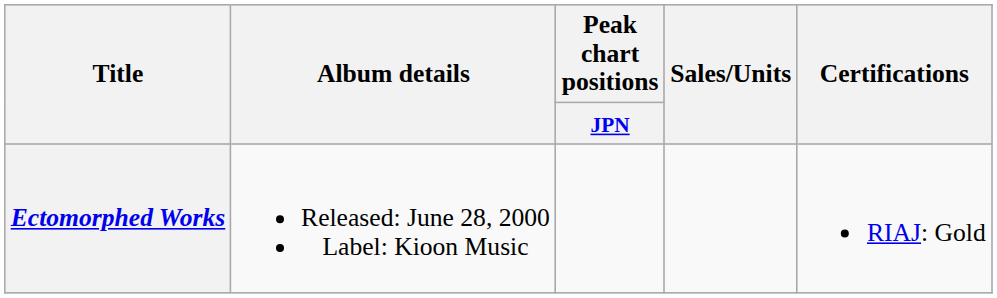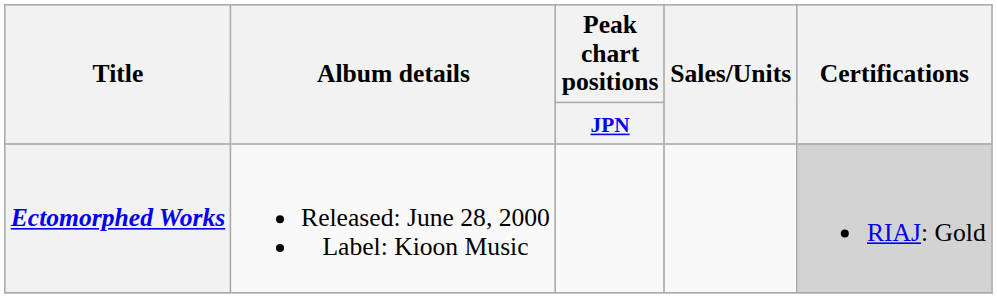 <table class="wikitable plainrowheaders" style="text-align:center;">
 <tr>
 <th rowspan="2" scope="col">Title</th>
 <th rowspan="2" scope="col">Album details</th>
 <th colspan="1">Peak chart positions</th>
 <th rowspan="2" scope="col">Sales/Units</th>
 <th rowspan="2">Certifications</th>
 </tr>
 <tr>
 <th style="width:3em;"><small><a href='#'>JPN</a></small><br></th>
 </tr>
 <tr>
 <th scope="row"><em><a href='#'>Ectomorphed Works</a></em></th>
 <td><br><ul><li>Released: June 28, 2000</li><li>Label: Kioon Music</li></ul></td>
 <td></td>
 <td></td>
-<td><br><ul><li><a href='#'>RIAJ</a>: Gold</li></ul></td>
+<td style="background: lightgrey;"><br><ul><li><a href='#'>RIAJ</a>: Gold</li></ul></td>
 </tr>
 </table>
